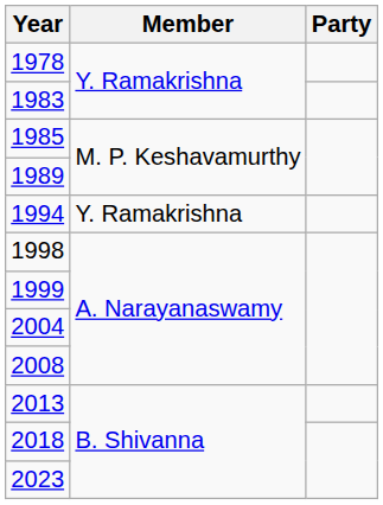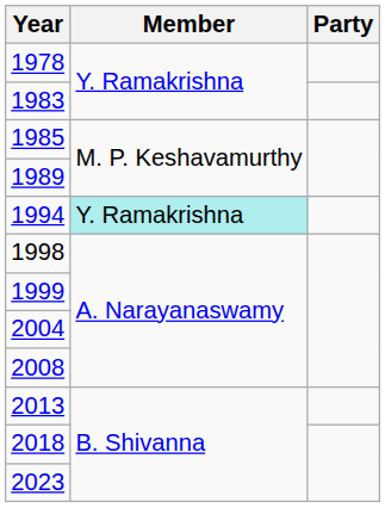 <table class="wikitable sortable">
 <tr>
 <th>Year</th>
 <th>Member</th>
 <th colspan="2">Party</th>
 </tr>
 <tr>
 <td><a href='#'>1978</a></td>
 <td rowspan="2"><a href='#'>Y. Ramakrishna</a></td>
 <td></td>
 </tr>
 <tr>
 <td><a href='#'>1983</a></td>
 <td></td>
 </tr>
 <tr>
 <td><a href='#'>1985</a></td>
 <td rowspan="2">M. P. Keshavamurthy</td>
 </tr>
 <tr>
 <td><a href='#'>1989</a></td>
 </tr>
 <tr>
 <td><a href='#'>1994</a></td>
-<td>Y. Ramakrishna</td>
+<td style="background: paleturquoise;">Y. Ramakrishna</td>
 <td></td>
 </tr>
 <tr>
 <td>1998</td>
 <td rowspan="4"><a href='#'>A. Narayanaswamy</a></td>
 </tr>
 <tr>
 <td><a href='#'>1999</a></td>
 </tr>
 <tr>
 <td><a href='#'>2004</a></td>
 </tr>
 <tr>
 <td><a href='#'>2008</a></td>
 </tr>
 <tr>
 <td><a href='#'>2013</a></td>
 <td rowspan="3"><a href='#'>B. Shivanna</a></td>
 <td></td>
 </tr>
 <tr>
 <td><a href='#'>2018</a></td>
 </tr>
 <tr>
 <td><a href='#'>2023</a></td>
 </tr>
 </table>
